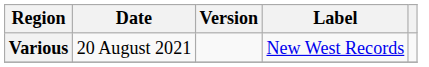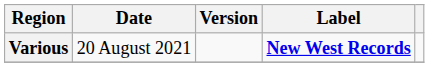 <table class="wikitable plainrowheaders">
 <tr>
 <th scope="col">Region</th>
 <th scope="col">Date</th>
 <th scope="col">Version</th>
 <th scope="col">Label</th>
 <th scope="col"></th>
 </tr>
 <tr>
 <th scope="row">Various</th>
 <td>20 August 2021</td>
 <td></td>
-<td><a href='#'>New West Records</a></td>
+<td><strong><a href='#'>New West Records</a></strong></td>
 <td align="center"></td>
 </tr>
 <tr>
 </tr>
 </table>
